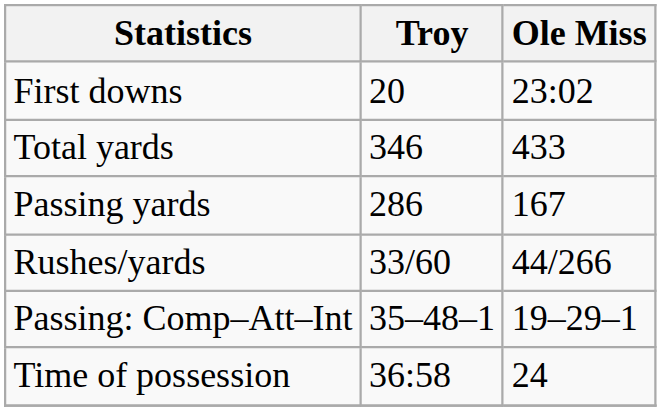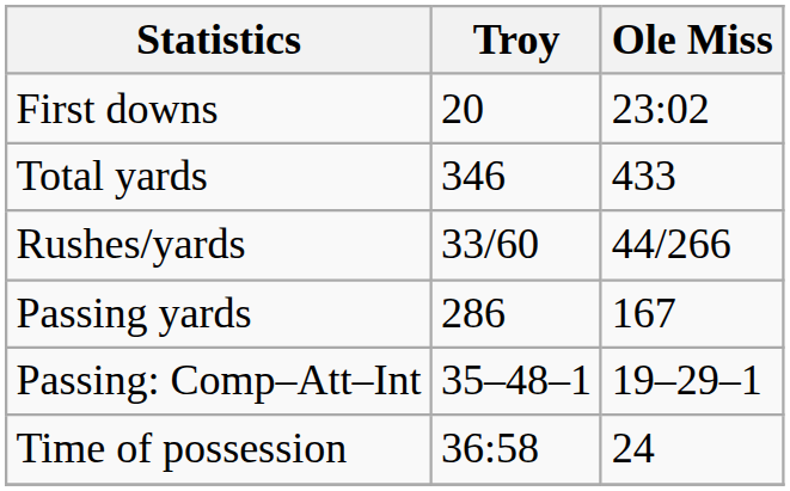 <table class="wikitable" style="float: left;">
 <tr>
 <th>Statistics</th>
 <th>Troy</th>
 <th>Ole Miss</th>
 </tr>
 <tr>
 <td>First downs</td>
 <td>20</td>
 <td>23:02</td>
 </tr>
 <tr>
 <td>Total yards</td>
 <td>346</td>
 <td>433</td>
 </tr>
 <tr>
+<td>Rushes/yards</td>
+<td>33/60</td>
+<td>44/266</td>
+</tr>
+<tr>
 <td>Passing yards</td>
 <td>286</td>
 <td>167</td>
-</tr>
-<tr>
-<td>Rushes/yards</td>
-<td>33/60</td>
-<td>44/266</td>
 </tr>
 <tr>
 <td>Passing: Comp–Att–Int</td>
 <td>35–48–1</td>
 <td>19–29–1</td>
 </tr>
 <tr>
 <td>Time of possession</td>
 <td>36:58</td>
 <td>24</td>
 </tr>
 <tr>
 </tr>
 </table>
